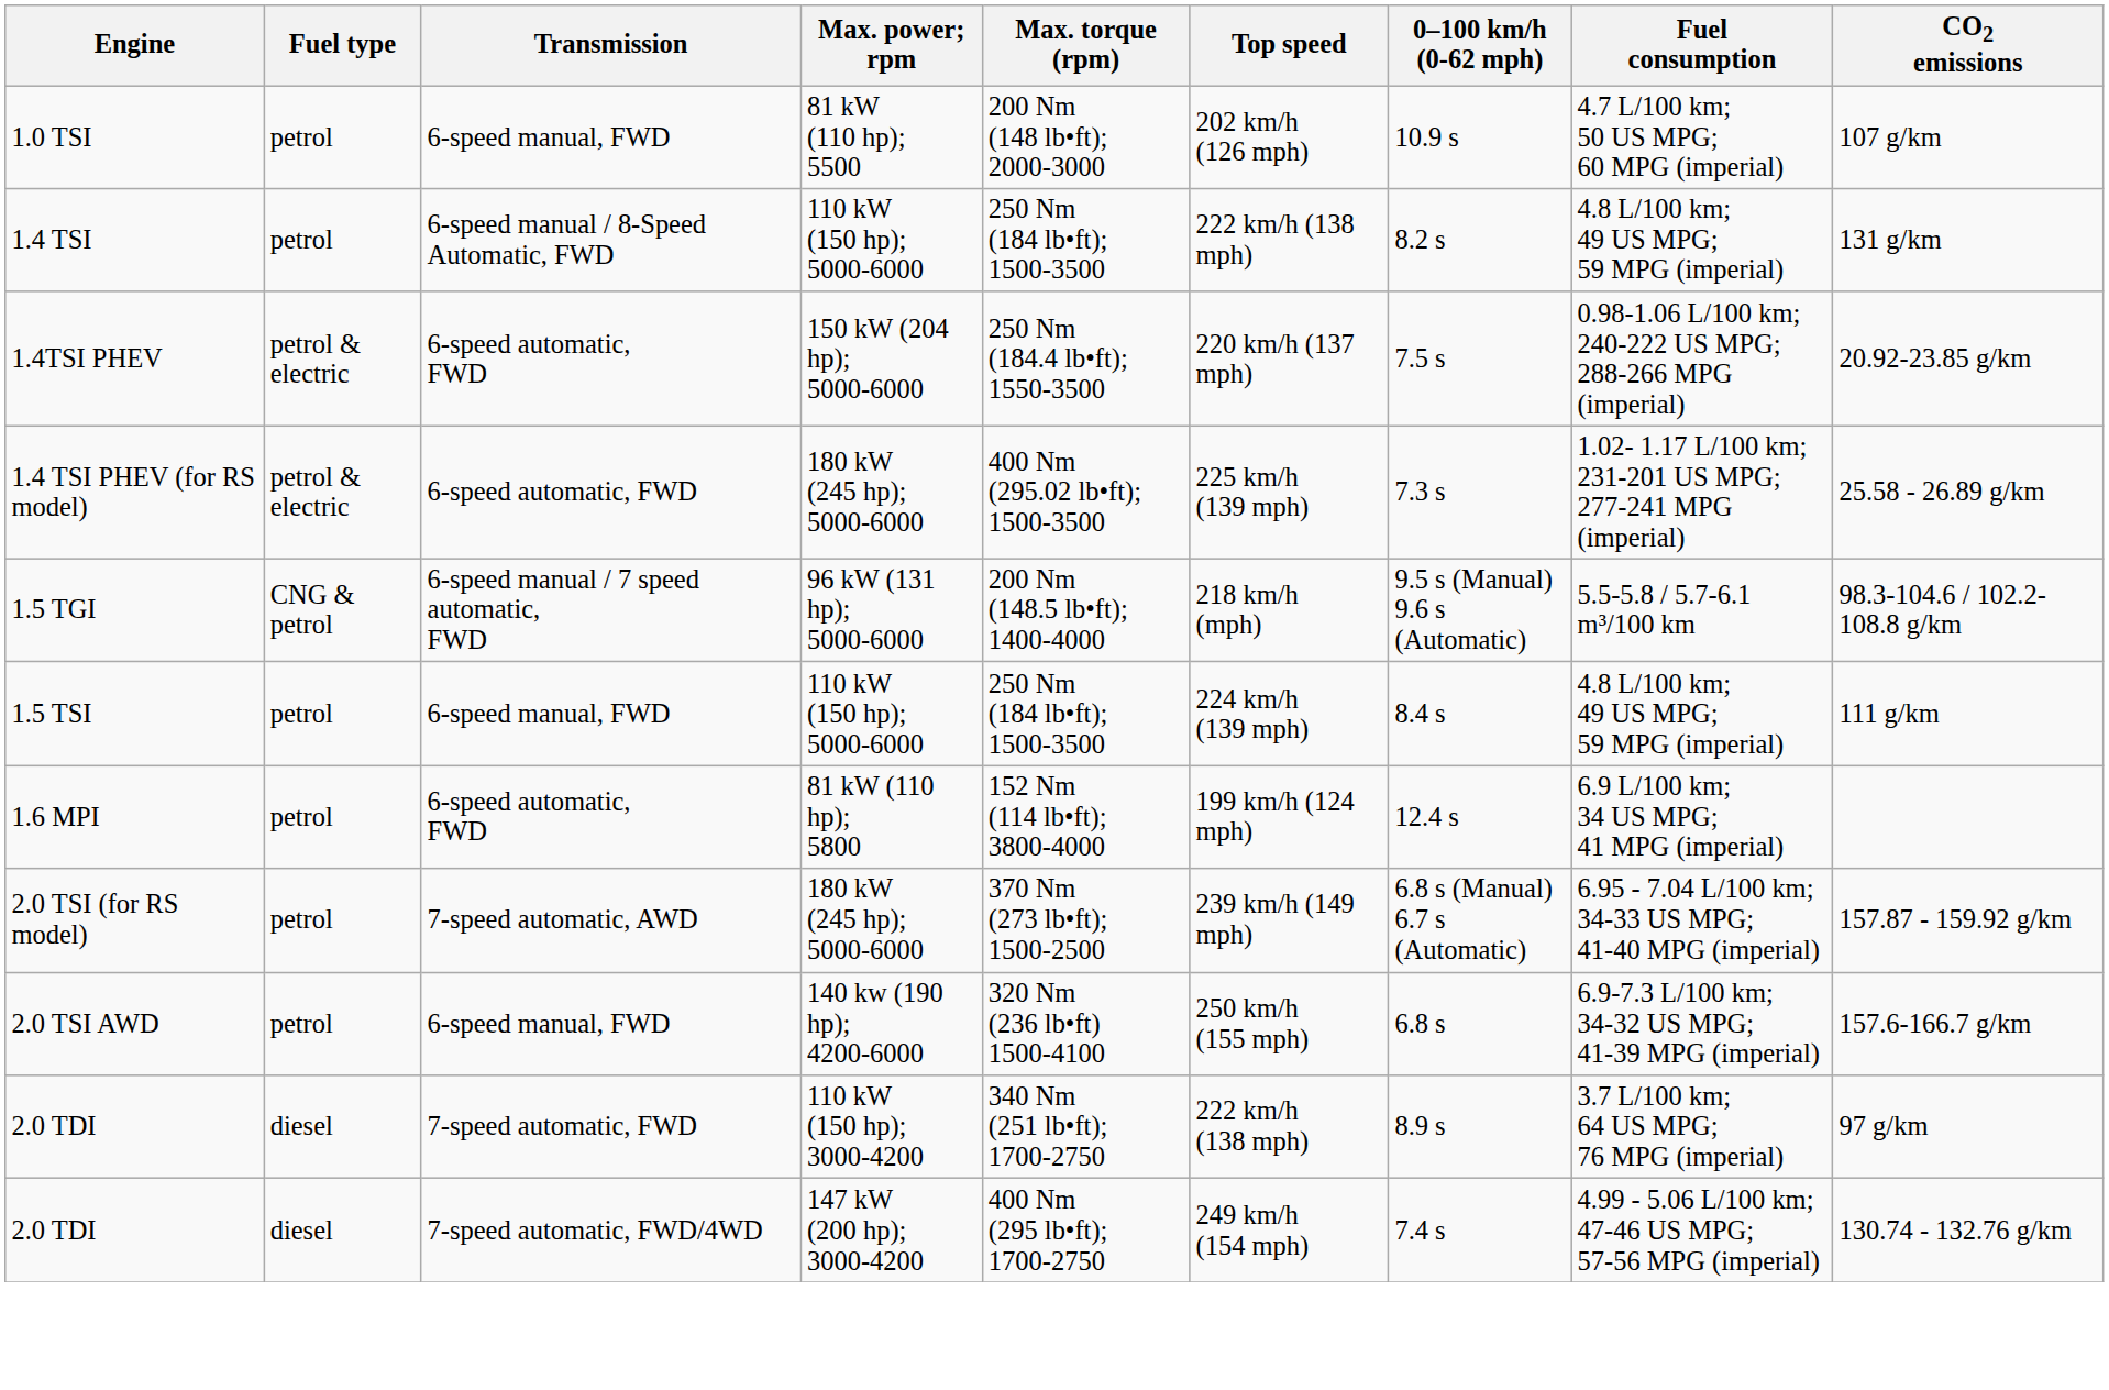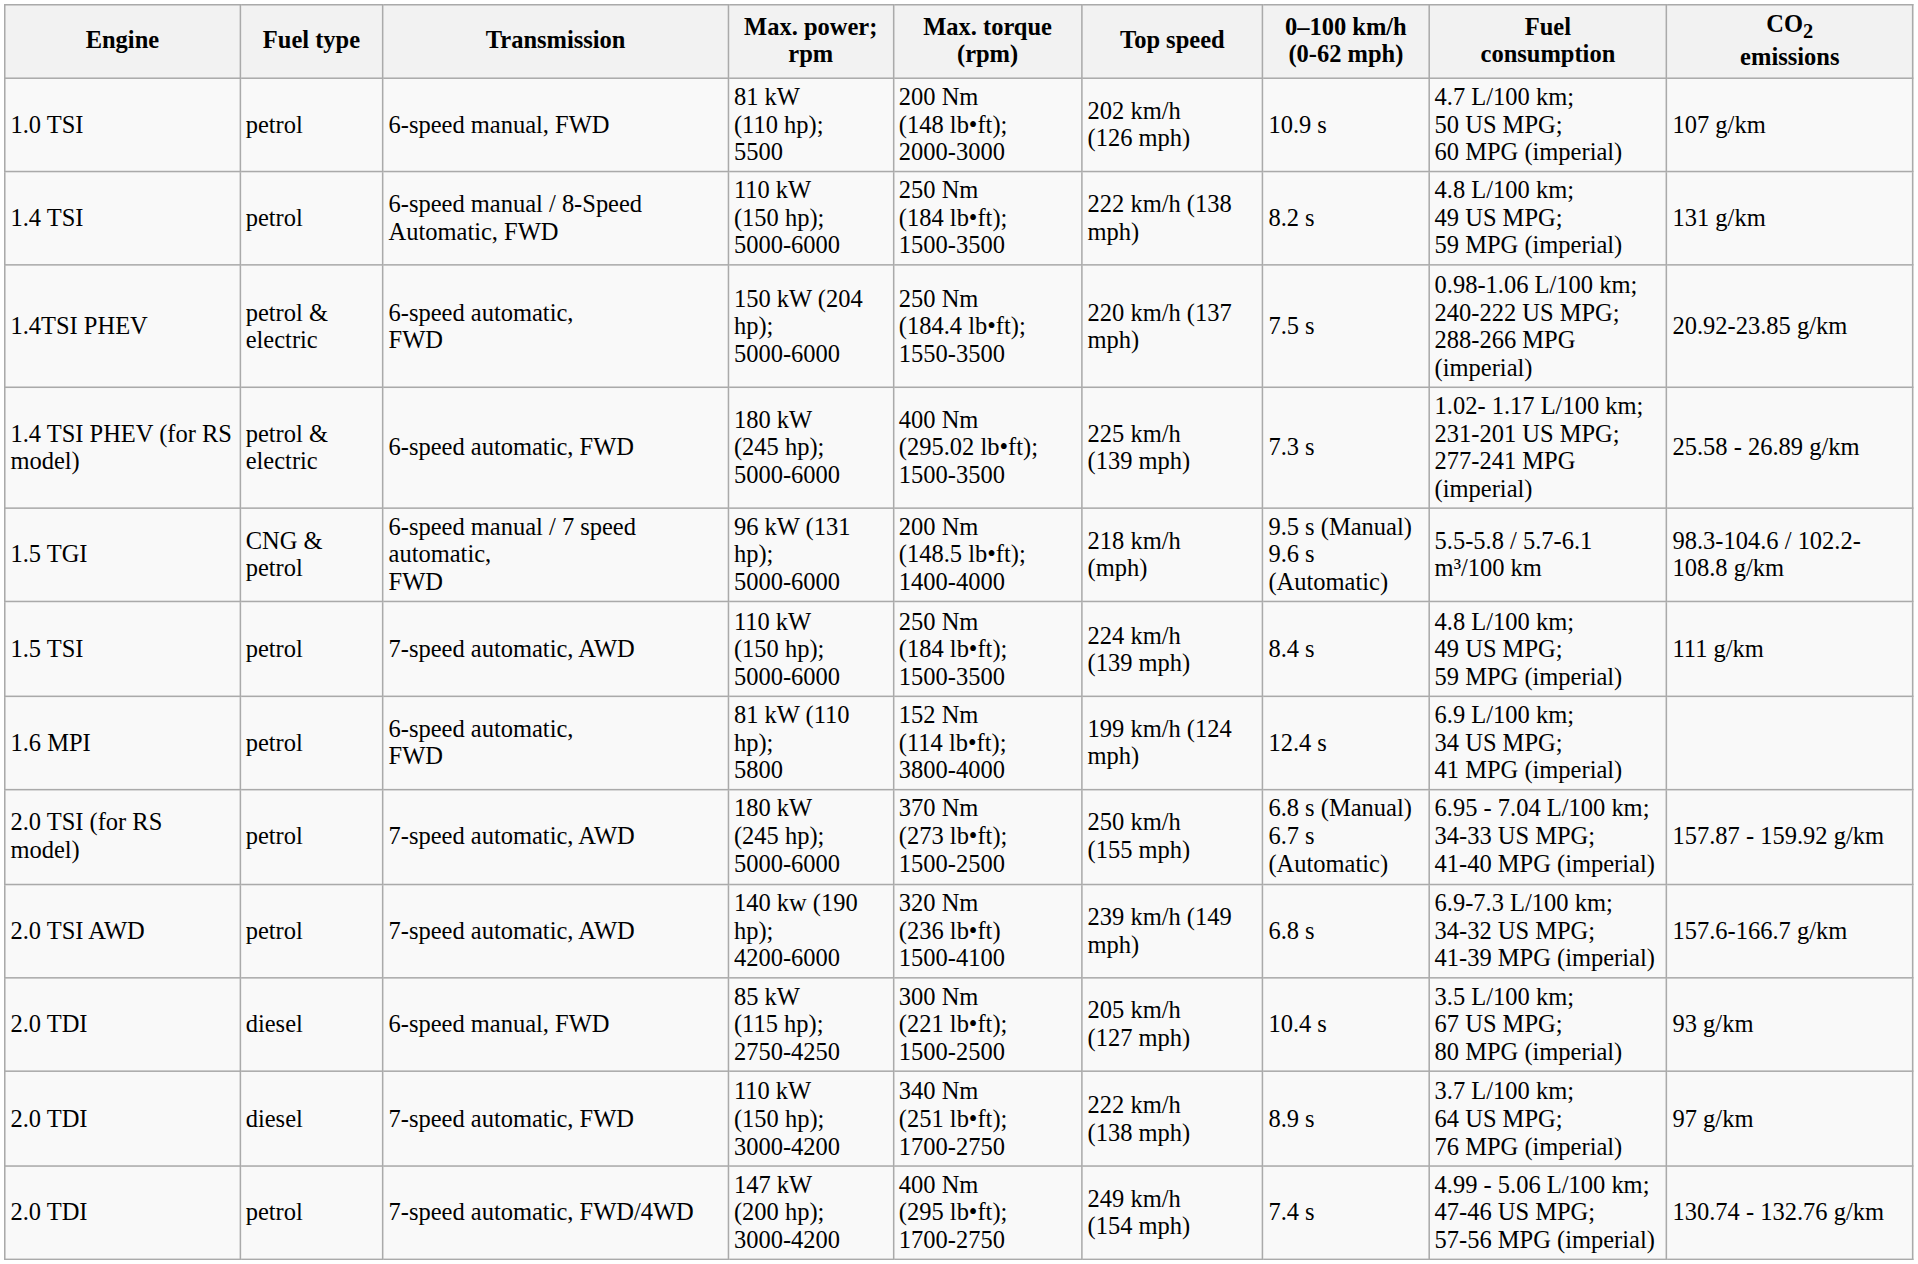 <table class="wikitable">
 <tr>
 <th>Engine</th>
 <th>Fuel type</th>
 <th>Transmission</th>
 <th>Max. power; rpm</th>
 <th>Max. torque (rpm)</th>
 <th>Top speed</th>
 <th>0–100 km/h<br>(0-62 mph)</th>
 <th>Fuel<br>consumption</th>
 <th>CO<sub>2</sub><br>emissions</th>
 </tr>
 <tr>
 <td>1.0 TSI</td>
 <td>petrol</td>
 <td>6-speed manual, FWD</td>
 <td>81 kW (110 hp);<br>5500</td>
 <td>200 Nm<br>(148 lb•ft);<br>2000-3000</td>
 <td>202 km/h<br>(126 mph)</td>
 <td>10.9 s</td>
 <td>4.7 L/100 km;<br>50  US MPG;<br>60 MPG (imperial)</td>
 <td>107 g/km</td>
 </tr>
 <tr>
 <td>1.4 TSI</td>
 <td>petrol</td>
 <td>6-speed manual / 8-Speed Automatic, FWD</td>
 <td>110 kW (150 hp);<br>5000-6000</td>
 <td>250 Nm<br>(184 lb•ft);<br>1500-3500</td>
 <td>222 km/h (138 mph)</td>
 <td>8.2 s</td>
 <td>4.8 L/100 km;<br>49 US MPG;<br>59 MPG (imperial)</td>
 <td>131 g/km</td>
 </tr>
 <tr>
 <td>1.4TSI PHEV</td>
 <td>petrol & electric</td>
 <td>6-speed automatic,<br>FWD</td>
 <td>150 kW (204 hp);<br>5000-6000</td>
 <td>250 Nm<br>(184.4 lb•ft);<br>1550-3500</td>
 <td>220 km/h (137 mph)</td>
 <td>7.5 s</td>
 <td>0.98-1.06 L/100 km;<br>240-222 US MPG;<br>288-266 MPG (imperial)</td>
 <td>20.92-23.85 g/km</td>
 </tr>
 <tr>
 <td>1.4 TSI PHEV (for RS model)</td>
 <td>petrol & electric</td>
 <td>6-speed automatic, FWD</td>
 <td>180 kW<br>(245 hp);<br>5000-6000</td>
 <td>400 Nm<br>(295.02 lb•ft);<br>1500-3500</td>
 <td>225 km/h<br>(139 mph)</td>
 <td>7.3 s</td>
 <td>1.02- 1.17 L/100 km;<br>231-201 US MPG;<br>277-241 MPG (imperial)</td>
 <td>25.58 - 26.89 g/km</td>
 </tr>
 <tr>
 <td>1.5 TGI</td>
 <td>CNG & petrol</td>
 <td>6-speed manual / 7 speed automatic,<br>FWD</td>
 <td>96 kW (131 hp);<br>5000-6000</td>
 <td>200 Nm<br>(148.5 lb•ft);<br>1400-4000</td>
 <td>218 km/h<br>(mph)</td>
 <td>9.5 s (Manual)<br>9.6 s (Automatic)</td>
 <td>5.5-5.8 / 5.7-6.1 m³/100 km</td>
 <td>98.3-104.6 / 102.2-108.8 g/km</td>
 </tr>
 <tr>
 <td>1.5 TSI</td>
 <td>petrol</td>
-<td>6-speed manual, FWD</td>
+<td>7-speed automatic, AWD</td>
 <td>110 kW<br>(150 hp);<br>5000-6000</td>
 <td>250 Nm<br>(184 lb•ft);<br>1500-3500</td>
 <td>224 km/h<br>(139 mph)</td>
 <td>8.4 s</td>
 <td>4.8 L/100 km;<br>49 US MPG;<br>59 MPG (imperial)</td>
 <td>111 g/km</td>
 </tr>
 <tr>
 <td>1.6 MPI</td>
 <td>petrol</td>
 <td>6-speed automatic,<br>FWD</td>
 <td>81 kW (110 hp);<br>5800</td>
 <td>152 Nm<br>(114 lb•ft);<br>3800-4000</td>
 <td>199 km/h (124 mph)</td>
 <td>12.4 s</td>
 <td>6.9 L/100 km;<br>34 US MPG;<br>41 MPG (imperial)</td>
 <td></td>
 </tr>
 <tr>
 <td>2.0 TSI (for RS model)</td>
 <td>petrol</td>
 <td>7-speed automatic, AWD</td>
 <td>180 kW<br>(245 hp);<br>5000-6000</td>
 <td>370 Nm<br>(273 lb•ft);<br>1500-2500</td>
-<td>239 km/h (149 mph)</td>
+<td>250 km/h<br>(155 mph)</td>
 <td>6.8 s (Manual)<br>6.7 s (Automatic)</td>
 <td>6.95 - 7.04 L/100 km;<br>34-33 US MPG;<br>41-40 MPG (imperial)</td>
 <td>157.87 - 159.92 g/km</td>
 </tr>
 <tr>
 <td>2.0 TSI AWD</td>
 <td>petrol</td>
-<td>6-speed manual, FWD</td>
+<td>7-speed automatic, AWD</td>
 <td>140 kw (190 hp);<br>4200-6000</td>
 <td>320 Nm<br>(236 lb•ft)<br>1500-4100</td>
-<td>250 km/h<br>(155 mph)</td>
+<td>239 km/h (149 mph)</td>
 <td>6.8 s</td>
 <td>6.9-7.3 L/100 km;<br>34-32 US MPG;<br>41-39 MPG (imperial)</td>
 <td>157.6-166.7 g/km</td>
+</tr>
+<tr>
+<td>2.0 TDI</td>
+<td>diesel</td>
+<td>6-speed manual, FWD</td>
+<td>85 kW<br>(115 hp);<br>2750-4250</td>
+<td>300 Nm<br>(221 lb•ft);<br>1500-2500</td>
+<td>205 km/h<br>(127 mph)</td>
+<td>10.4 s</td>
+<td>3.5 L/100 km;<br>67 US MPG;<br>80 MPG (imperial)</td>
+<td>93 g/km</td>
 </tr>
 <tr>
 <td>2.0 TDI</td>
 <td>diesel</td>
 <td>7-speed automatic, FWD</td>
 <td>110 kW<br>(150 hp);<br>3000-4200</td>
 <td>340 Nm<br>(251 lb•ft);<br>1700-2750</td>
 <td>222 km/h<br>(138 mph)</td>
 <td>8.9 s</td>
 <td>3.7 L/100 km;<br>64 US MPG;<br>76 MPG (imperial)</td>
 <td>97 g/km</td>
 </tr>
 <tr>
 <td>2.0 TDI</td>
-<td>diesel</td>
+<td>petrol</td>
 <td>7-speed automatic, FWD/4WD</td>
 <td>147 kW<br>(200 hp);<br>3000-4200</td>
 <td>400 Nm<br>(295 lb•ft);<br>1700-2750</td>
 <td>249 km/h<br>(154 mph)</td>
 <td>7.4 s</td>
 <td>4.99 - 5.06 L/100 km;<br>47-46 US MPG;<br>57-56 MPG (imperial)</td>
 <td>130.74 - 132.76 g/km</td>
 </tr>
 </table>
